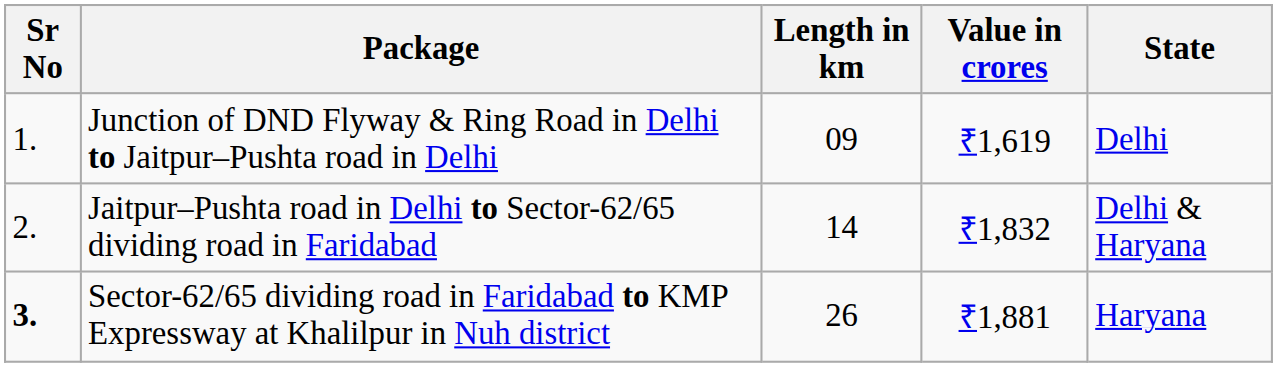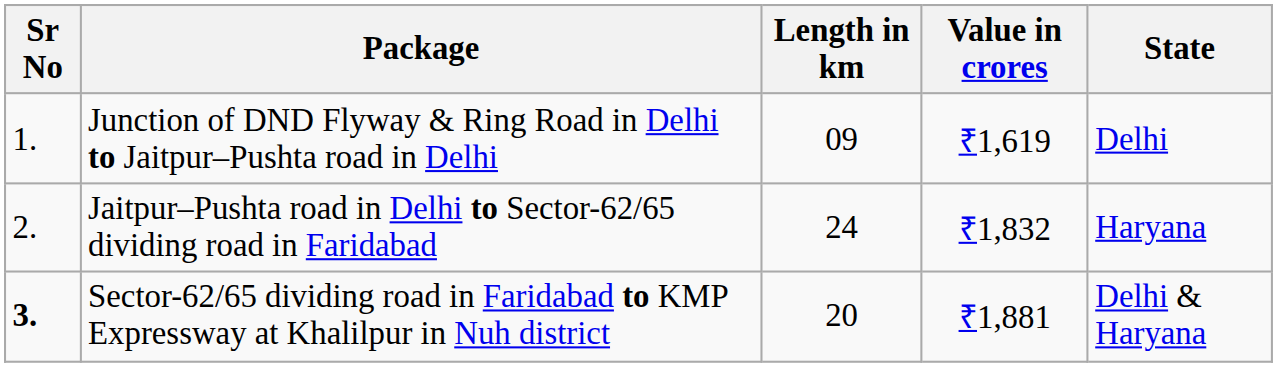 <table class=wikitable width=70%>
 <tr>
 <th>Sr No</th>
 <th>Package</th>
 <th>Length in km</th>
 <th>Value in <a href='#'>crores</a></th>
 <th>State</th>
 </tr>
 <tr>
 <td>1.</td>
 <td>Junction of DND Flyway & Ring Road in <a href='#'>Delhi</a> <strong>to</strong> Jaitpur–Pushta road in <a href='#'>Delhi</a></td>
 <td style="text-align:center;">09</td>
 <td style="text-align:center;"><a href='#'>₹</a>1,619</td>
 <td><a href='#'>Delhi</a></td>
 </tr>
 <tr>
 <td>2.</td>
 <td>Jaitpur–Pushta road in <a href='#'>Delhi</a> <strong>to</strong> Sector-62/65 dividing road in <a href='#'>Faridabad</a></td>
-<td style="text-align:center;">14</td>
+<td style="text-align:center;">24</td>
 <td style="text-align:center;"><a href='#'>₹</a>1,832</td>
-<td><a href='#'>Delhi</a> & <a href='#'>Haryana</a></td>
+<td><a href='#'>Haryana</a></td>
 </tr>
 <tr>
 <td><strong>3.</strong></td>
 <td>Sector-62/65 dividing road in <a href='#'>Faridabad</a> <strong>to</strong> KMP Expressway at Khalilpur in <a href='#'>Nuh district</a></td>
-<td style="text-align:center;">26</td>
+<td style="text-align:center;">20</td>
 <td style="text-align:center;"><a href='#'>₹</a>1,881</td>
-<td><a href='#'>Haryana</a></td>
+<td><a href='#'>Delhi</a> & <a href='#'>Haryana</a></td>
 </tr>
 </table>
